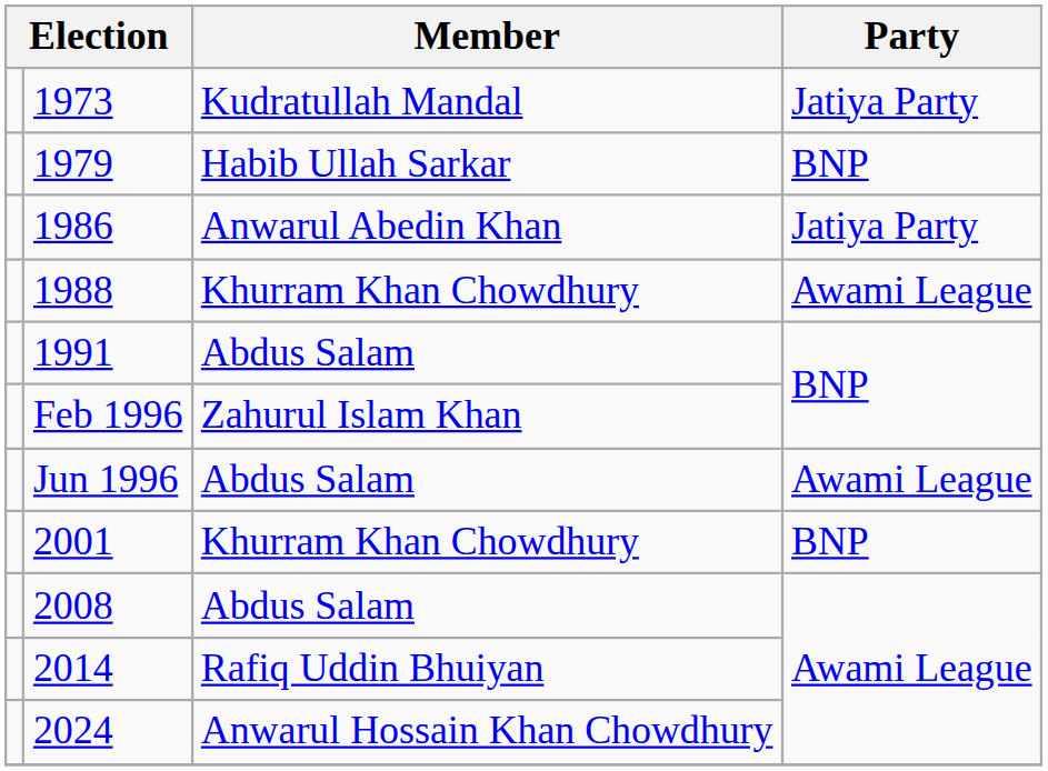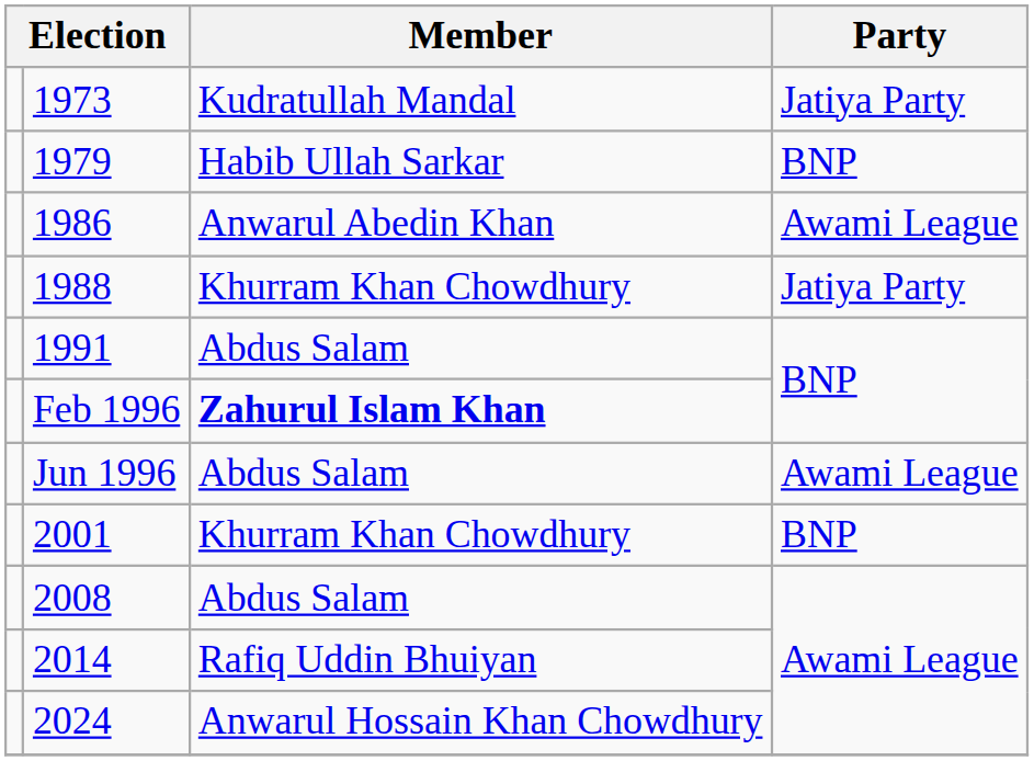 <table class="wikitable">
 <tr>
 <th colspan="2">Election</th>
 <th>Member</th>
 <th>Party</th>
 </tr>
 <tr>
 <td style="background-color:"></td>
 <td><a href='#'>1973</a></td>
 <td><a href='#'>Kudratullah Mandal</a></td>
 <td><a href='#'>Jatiya Party</a></td>
 </tr>
 <tr>
 <td style="background-color:"></td>
 <td><a href='#'>1979</a></td>
 <td><a href='#'>Habib Ullah Sarkar</a></td>
 <td><a href='#'>BNP</a></td>
 </tr>
 <tr>
 <td style="background-color:"></td>
 <td><a href='#'>1986</a></td>
 <td><a href='#'>Anwarul Abedin Khan</a></td>
-<td><a href='#'>Jatiya Party</a></td>
+<td><a href='#'>Awami League</a></td>
 </tr>
 <tr>
 <td style="background-color:"></td>
 <td><a href='#'>1988</a></td>
 <td><a href='#'>Khurram Khan Chowdhury</a></td>
-<td><a href='#'>Awami League</a></td>
+<td><a href='#'>Jatiya Party</a></td>
 </tr>
 <tr>
 <td style="background-color:"></td>
 <td><a href='#'>1991</a></td>
 <td><a href='#'>Abdus Salam</a></td>
 <td rowspan="2"><a href='#'>BNP</a></td>
 </tr>
 <tr>
 <td style="background-color:"></td>
 <td><a href='#'>Feb 1996</a></td>
-<td><a href='#'>Zahurul Islam Khan</a></td>
+<td><strong><a href='#'>Zahurul Islam Khan</a></strong></td>
 </tr>
 <tr>
 <td style="background-color:"></td>
 <td><a href='#'>Jun 1996</a></td>
 <td><a href='#'>Abdus Salam</a></td>
 <td><a href='#'>Awami League</a></td>
 </tr>
 <tr>
 <td style="background-color:"></td>
 <td><a href='#'>2001</a></td>
 <td><a href='#'>Khurram Khan Chowdhury</a></td>
 <td><a href='#'>BNP</a></td>
 </tr>
 <tr>
 <td style="background-color:"></td>
 <td><a href='#'>2008</a></td>
 <td><a href='#'>Abdus Salam</a></td>
 <td rowspan="3"><a href='#'>Awami League</a></td>
 </tr>
 <tr>
 <td style="background-color:"></td>
 <td><a href='#'>2014</a></td>
 <td><a href='#'>Rafiq Uddin Bhuiyan</a></td>
 </tr>
 <tr>
 <td style="background-color:"></td>
 <td><a href='#'>2024</a></td>
 <td><a href='#'>Anwarul Hossain Khan Chowdhury</a></td>
 </tr>
 <tr>
 </tr>
 </table>
